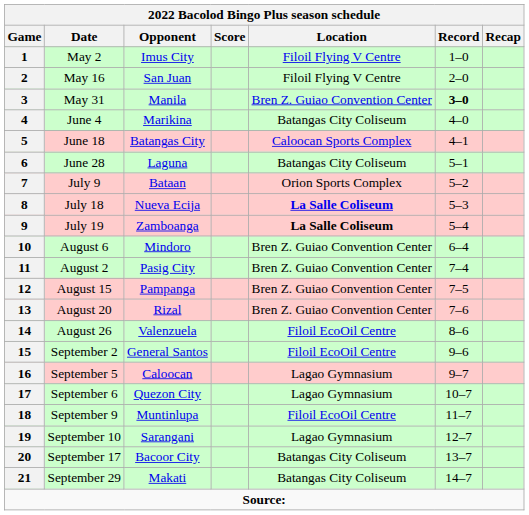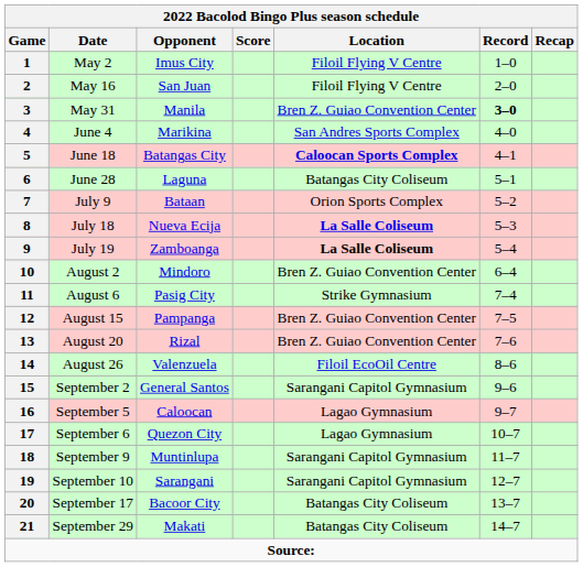 <table class="wikitable" style="text-align:center">
 <tr>
 <th colspan=7>2022 Bacolod Bingo Plus season schedule</th>
 </tr>
 <tr>
 <th>Game</th>
 <th>Date</th>
 <th>Opponent</th>
 <th>Score</th>
 <th>Location</th>
 <th>Record</th>
 <th>Recap<br></th>
 </tr>
 <tr style="background:#cfc">
 <th>1</th>
 <td>May 2</td>
 <td><a href='#'>Imus City</a></td>
 <td></td>
 <td><a href='#'>Filoil Flying V Centre</a></td>
 <td>1–0</td>
 <td></td>
 </tr>
 <tr style="background:#cfc">
 <th>2</th>
 <td>May 16</td>
 <td><a href='#'>San Juan</a></td>
 <td></td>
 <td>Filoil Flying V Centre</td>
 <td>2–0</td>
 <td></td>
 </tr>
 <tr style="background:#cfc">
 <th>3</th>
 <td>May 31</td>
 <td><a href='#'>Manila</a></td>
 <td></td>
 <td><a href='#'>Bren Z. Guiao Convention Center</a></td>
 <td><strong>3–0</strong></td>
 <td></td>
 </tr>
 <tr style="background:#cfc">
 <th>4</th>
 <td>June 4</td>
 <td><a href='#'>Marikina</a></td>
 <td></td>
-<td>Batangas City Coliseum</td>
+<td><a href='#'>San Andres Sports Complex</a></td>
 <td>4–0</td>
 <td></td>
 </tr>
 <tr style="background:#fcc">
 <th>5</th>
 <td>June 18</td>
 <td><a href='#'>Batangas City</a></td>
 <td></td>
-<td><a href='#'>Caloocan Sports Complex</a></td>
+<td><strong><a href='#'>Caloocan Sports Complex</a></strong></td>
 <td>4–1</td>
 <td></td>
 </tr>
 <tr style="background:#cfc">
 <th>6</th>
 <td>June 28</td>
 <td><a href='#'>Laguna</a></td>
 <td></td>
 <td>Batangas City Coliseum</td>
 <td>5–1</td>
 <td></td>
 </tr>
 <tr style="background:#fcc">
 <th>7</th>
 <td>July 9</td>
 <td><a href='#'>Bataan</a></td>
 <td></td>
 <td>Orion Sports Complex</td>
 <td>5–2</td>
 <td><br></td>
 </tr>
 <tr style="background:#fcc">
 <th>8</th>
 <td>July 18</td>
 <td><a href='#'>Nueva Ecija</a></td>
 <td></td>
 <td><strong><a href='#'>La Salle Coliseum</a></strong></td>
 <td>5–3</td>
 <td></td>
 </tr>
 <tr style="background:#fcc">
 <th>9</th>
 <td>July 19</td>
 <td><a href='#'>Zamboanga</a></td>
 <td></td>
 <td><strong>La Salle Coliseum</strong></td>
 <td>5–4</td>
 <td></td>
 </tr>
 <tr style="background:#cfc">
 <th>10</th>
-<td>August 6</td>
+<td>August 2</td>
 <td><a href='#'>Mindoro</a></td>
 <td></td>
 <td>Bren Z. Guiao Convention Center</td>
 <td>6–4</td>
 <td></td>
 </tr>
 <tr style="background:#cfc">
 <th>11</th>
-<td>August 2</td>
+<td>August 6</td>
 <td><a href='#'>Pasig City</a></td>
 <td></td>
-<td>Bren Z. Guiao Convention Center</td>
+<td>Strike Gymnasium</td>
 <td>7–4</td>
 <td></td>
 </tr>
 <tr style="background:#fcc">
 <th>12</th>
 <td>August 15</td>
 <td><a href='#'>Pampanga</a></td>
 <td></td>
 <td>Bren Z. Guiao Convention Center</td>
 <td>7–5</td>
 <td></td>
 </tr>
 <tr style="background:#fcc">
 <th>13</th>
 <td>August 20</td>
 <td><a href='#'>Rizal</a></td>
 <td></td>
 <td>Bren Z. Guiao Convention Center</td>
 <td>7–6</td>
 <td></td>
 </tr>
 <tr style="background:#cfc">
 <th>14</th>
 <td>August 26</td>
 <td><a href='#'>Valenzuela</a></td>
 <td></td>
 <td><a href='#'>Filoil EcoOil Centre</a></td>
 <td>8–6</td>
 <td><br></td>
 </tr>
 <tr style="background:#cfc">
 <th>15</th>
 <td>September 2</td>
 <td><a href='#'>General Santos</a></td>
 <td></td>
-<td><a href='#'>Filoil EcoOil Centre</a></td>
+<td>Sarangani Capitol Gymnasium</td>
 <td>9–6</td>
 <td></td>
 </tr>
 <tr style="background:#fcc">
 <th>16</th>
 <td>September 5</td>
 <td><a href='#'>Caloocan</a></td>
 <td></td>
 <td>Lagao Gymnasium</td>
 <td>9–7</td>
 <td></td>
 </tr>
 <tr style="background:#cfc">
 <th>17</th>
 <td>September 6</td>
 <td><a href='#'>Quezon City</a></td>
 <td></td>
 <td>Lagao Gymnasium</td>
 <td>10–7</td>
 <td></td>
 </tr>
 <tr style="background:#cfc">
 <th>18</th>
 <td>September 9</td>
 <td><a href='#'>Muntinlupa</a></td>
 <td></td>
-<td><a href='#'>Filoil EcoOil Centre</a></td>
+<td>Sarangani Capitol Gymnasium</td>
 <td>11–7</td>
 <td></td>
 </tr>
 <tr style="background:#cfc">
 <th>19</th>
 <td>September 10</td>
 <td><a href='#'>Sarangani</a></td>
 <td></td>
-<td>Lagao Gymnasium</td>
+<td>Sarangani Capitol Gymnasium</td>
 <td>12–7</td>
 <td></td>
 </tr>
 <tr style="background:#cfc">
 <th>20</th>
 <td>September 17</td>
 <td><a href='#'>Bacoor City</a></td>
 <td></td>
 <td>Batangas City Coliseum</td>
 <td>13–7</td>
 <td></td>
 </tr>
 <tr style="background:#cfc">
 <th>21</th>
 <td>September 29</td>
 <td><a href='#'>Makati</a></td>
 <td></td>
 <td>Batangas City Coliseum</td>
 <td>14–7</td>
 <td></td>
 </tr>
 <tr>
 <td colspan=7 align=center><strong>Source: </strong></td>
 </tr>
 </table>
